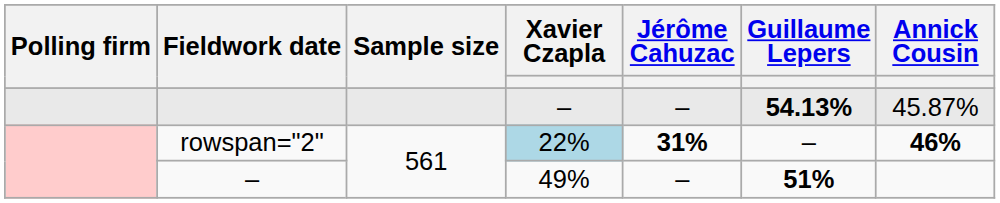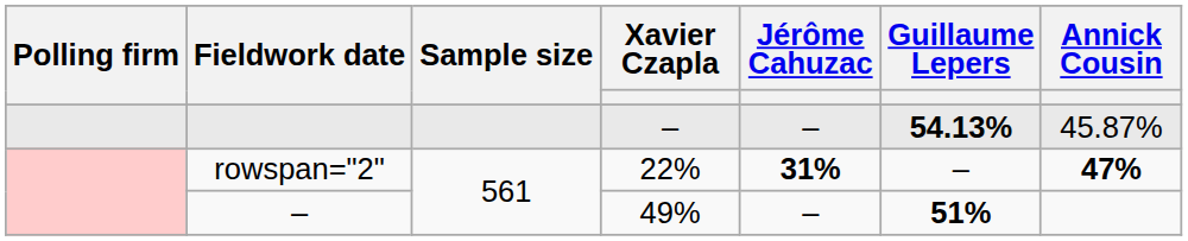 <table class="wikitable sortable" style="text-align:center;font-size:90%;line-height:14px">
 <tr style="height:40px;">
 <th rowspan="2">Polling firm</th>
 <th rowspan="2">Fieldwork date</th>
 <th rowspan="2">Sample size</th>
 <th class="unsortable" style="width:60px">Xavier Czapla<br></th>
 <th class="unsortable" style="width:60px"><a href='#'>Jérôme Cahuzac</a><br></th>
 <th class="unsortable" style="width:60px"><a href='#'>Guillaume Lepers</a><br></th>
 <th class="unsortable" style="width:60px"><a href='#'>Annick Cousin</a><br></th>
 </tr>
 <tr>
 <th style="background:"></th>
 <th style="background:"></th>
 <th style="background:"></th>
 <th style="background:"></th>
 </tr>
 <tr style="background:#E9E9E9">
 <td></td>
 <td></td>
 <td></td>
 <td>–</td>
 <td>–</td>
 <td style="background-color:#"><strong>54.13%</strong></td>
 <td>45.87%</td>
 </tr>
 <tr>
 <td style="background:#FFCCCC" rowspan="2"></td>
 <td>rowspan="2" </td>
 <td rowspan="2">561</td>
-<td style="background: lightblue;">22%</td>
+<td>22%</td>
 <td><strong>31%</strong></td>
 <td>–</td>
-<td style="background-color:#"><strong>46%</strong></td>
+<td style="background-color:#"><strong>47%</strong></td>
 </tr>
 <tr>
 <td>–</td>
 <td>49%</td>
 <td>–</td>
 <td style="background-color:#"><strong>51%</strong></td>
 </tr>
 </table>
